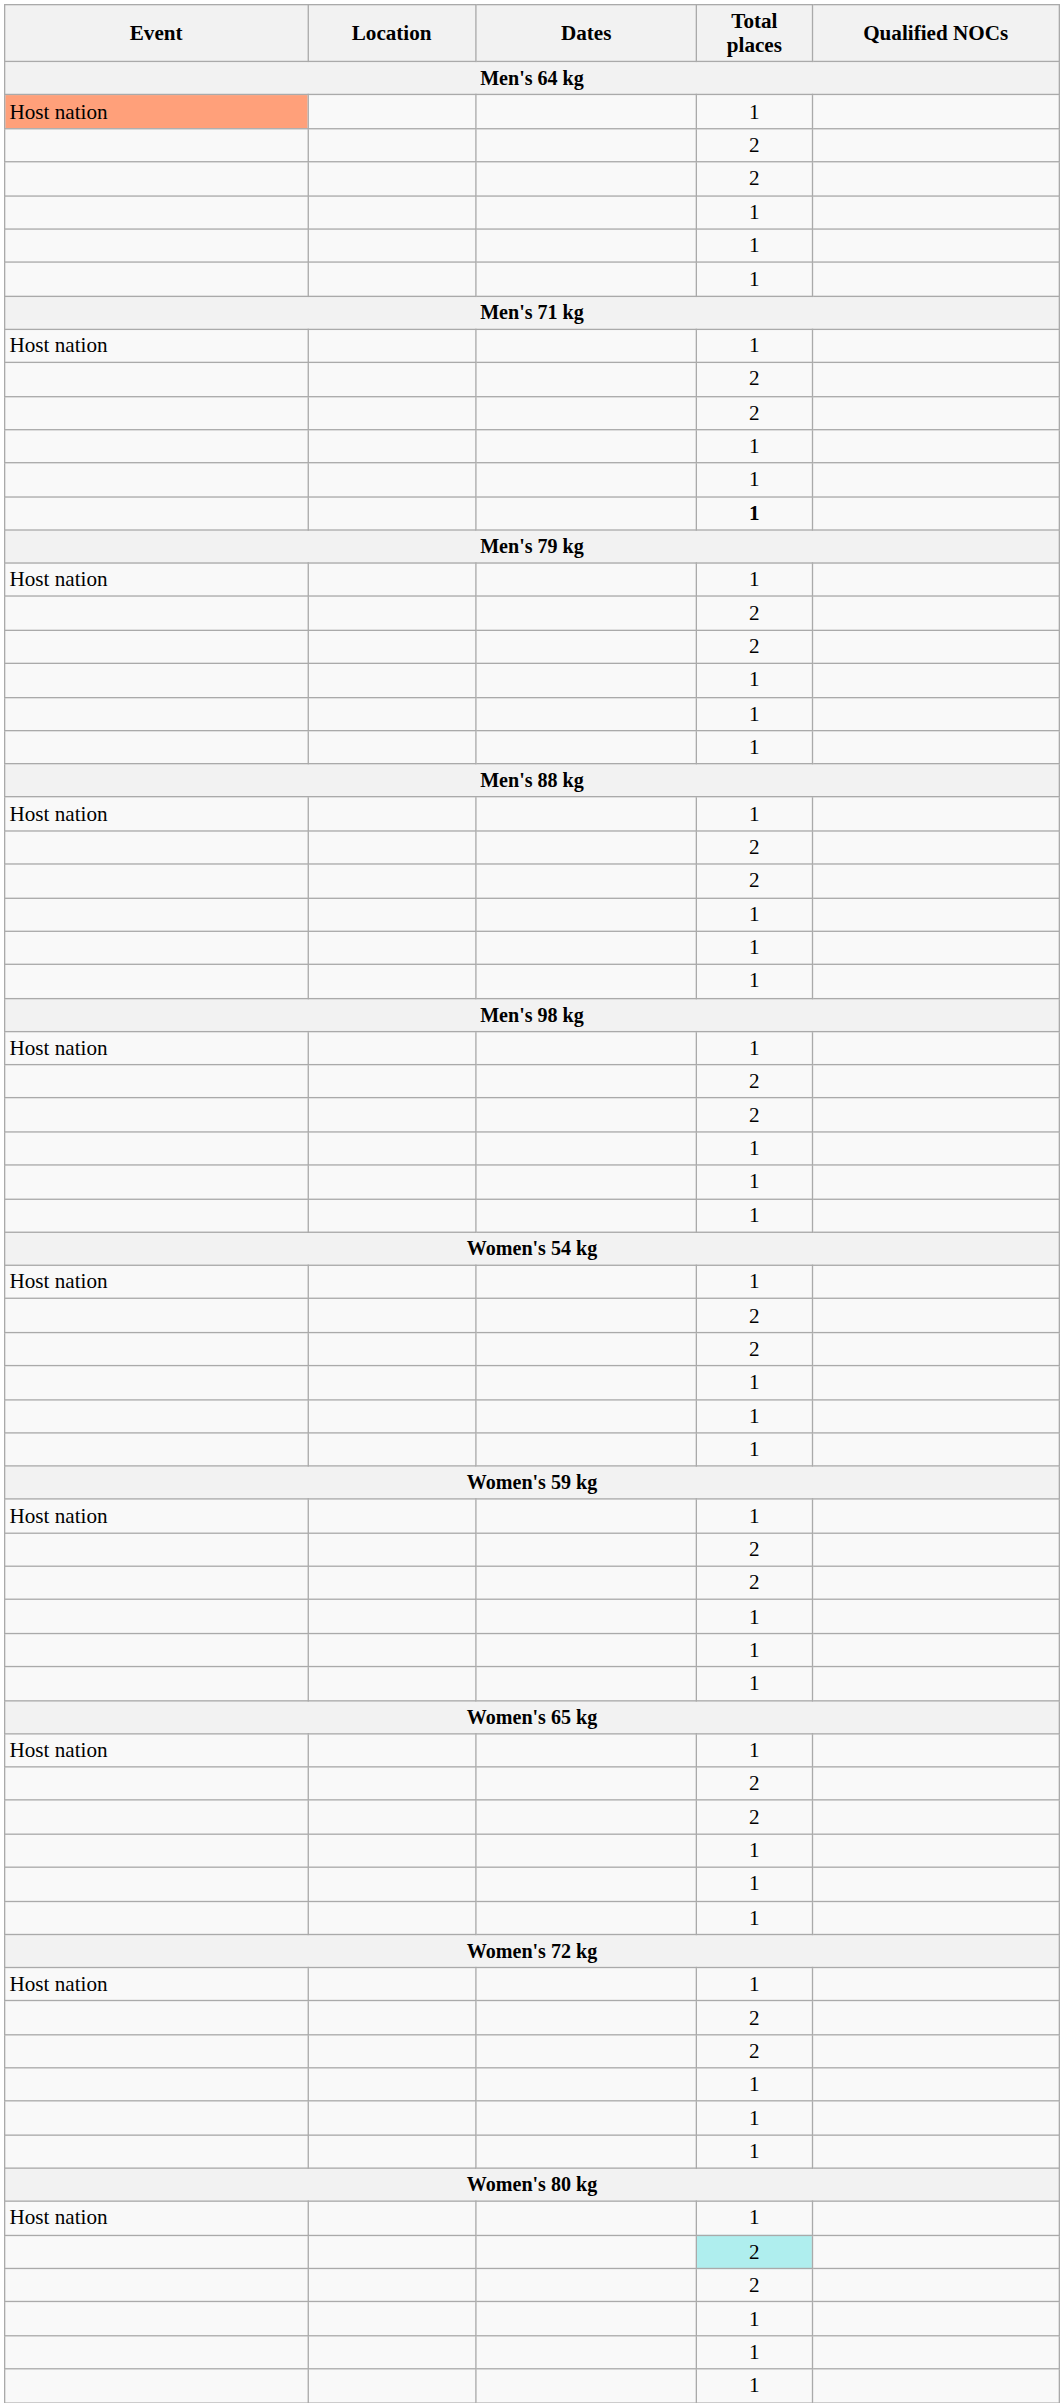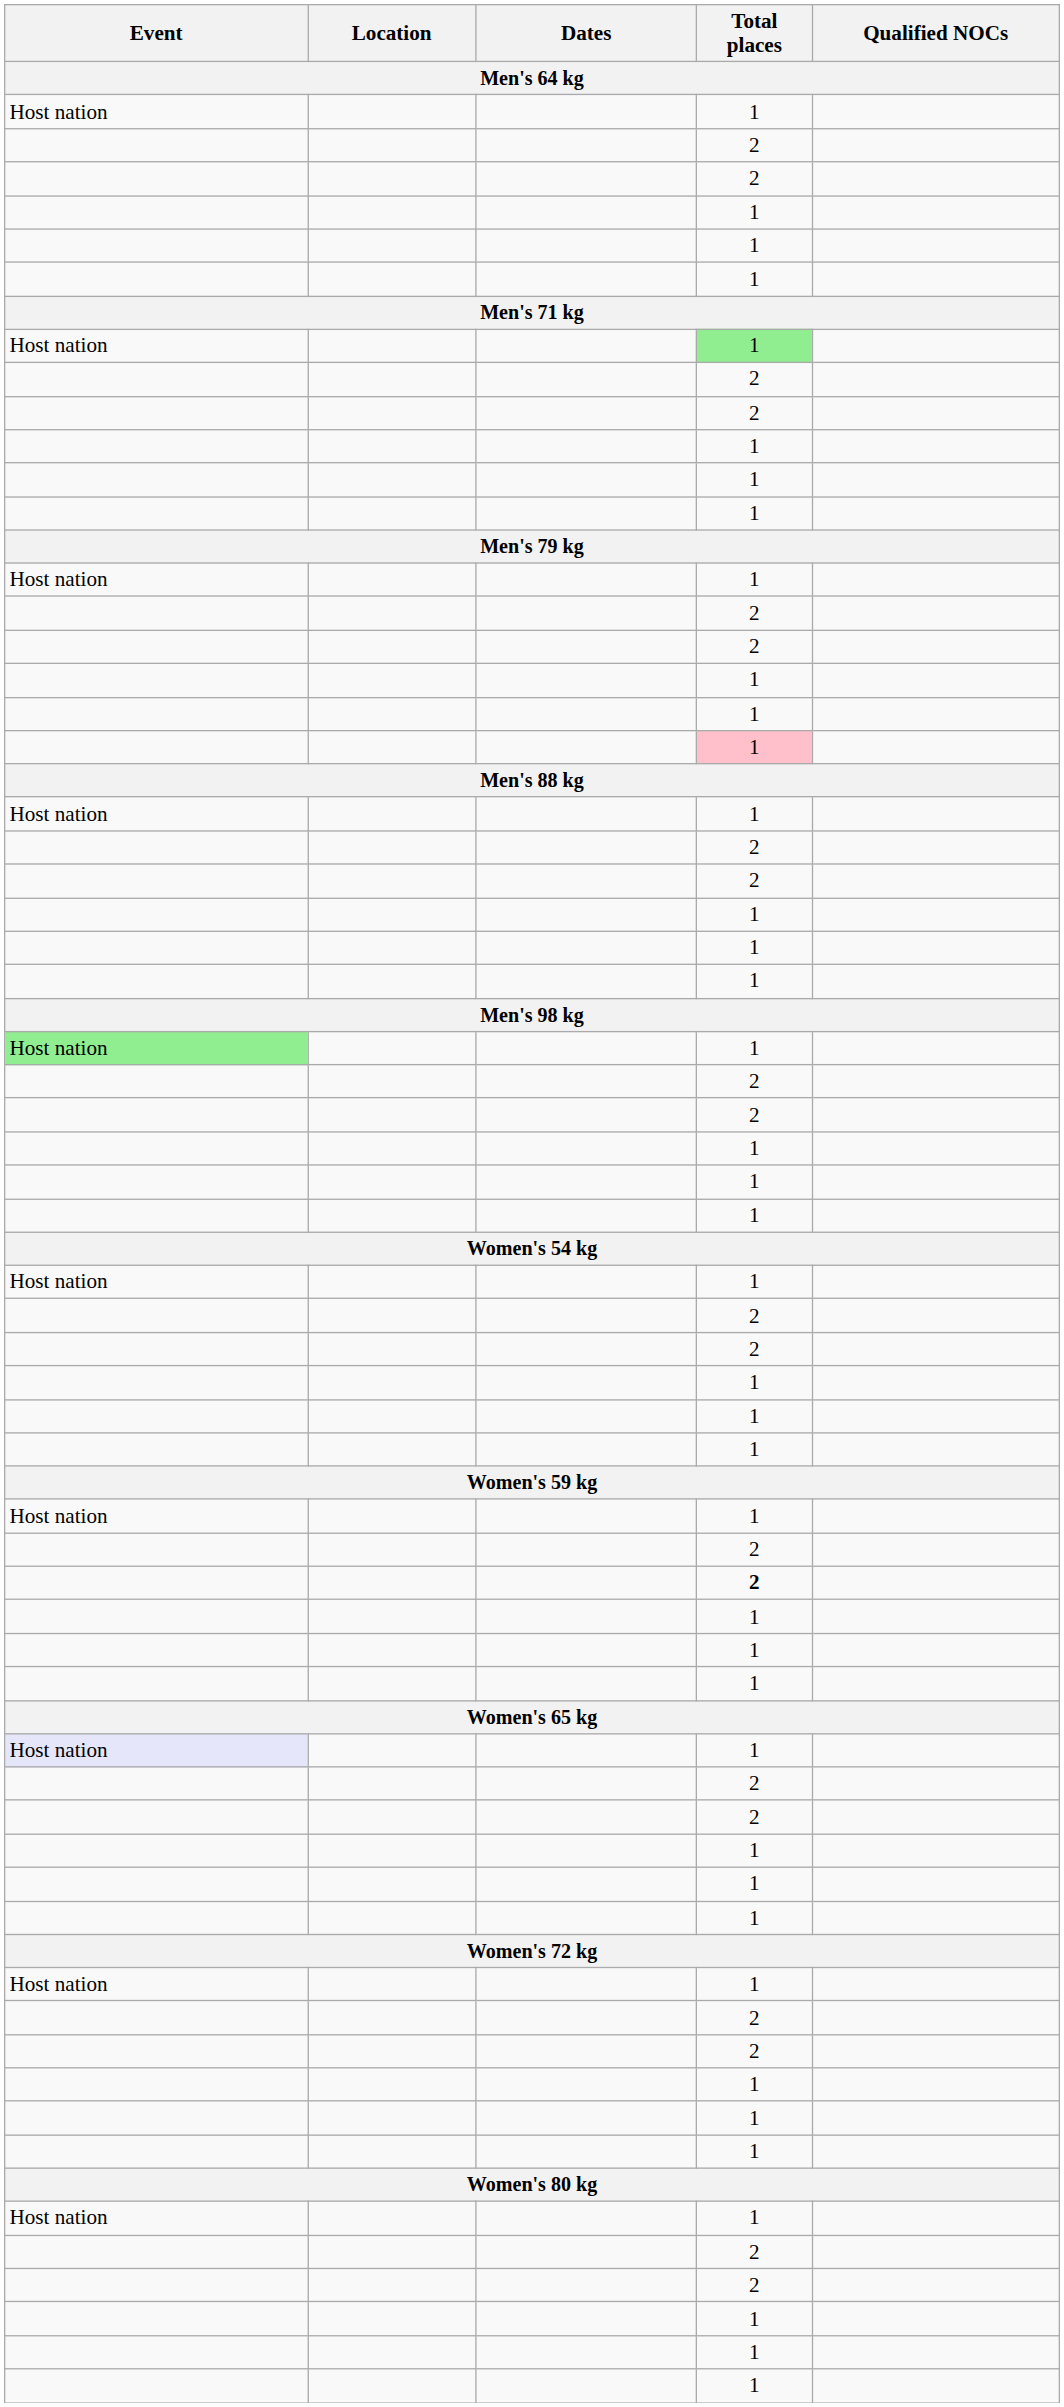 <table class="wikitable" width=800>
 <tr>
 <th>Event</th>
 <th width=120>Location</th>
 <th width=160>Dates</th>
 <th width=80>Total places</th>
 <th width=180>Qualified NOCs</th>
 </tr>
 <tr style="font-size:95%;">
 <th colspan=5>Men's 64 kg</th>
 </tr>
 <tr>
-<td style="background: lightsalmon;">Host nation</td>
+<td>Host nation</td>
 <td></td>
 <td></td>
 <td align="center">1</td>
 <td></td>
 </tr>
 <tr>
 <td></td>
 <td></td>
 <td></td>
 <td align="center">2</td>
 <td><br></td>
 </tr>
 <tr>
 <td></td>
 <td></td>
 <td></td>
 <td align="center">2</td>
 <td><br></td>
 </tr>
 <tr>
 <td></td>
 <td></td>
 <td></td>
 <td align="center">1</td>
 <td></td>
 </tr>
 <tr>
 <td></td>
 <td></td>
 <td></td>
 <td align="center">1</td>
 <td></td>
 </tr>
 <tr>
 <td></td>
 <td></td>
 <td></td>
 <td align="center">1</td>
 <td></td>
 </tr>
 <tr style="font-size:95%;">
 <th colspan=5>Men's 71 kg</th>
 </tr>
 <tr>
 <td>Host nation</td>
 <td></td>
 <td></td>
-<td align="center">1</td>
+<td align="center" style="background: lightgreen;">1</td>
 <td></td>
 </tr>
 <tr>
 <td></td>
 <td></td>
 <td></td>
 <td align="center">2</td>
 <td><br></td>
 </tr>
 <tr>
 <td></td>
 <td></td>
 <td></td>
 <td align="center">2</td>
 <td><br></td>
 </tr>
 <tr>
 <td></td>
 <td></td>
 <td></td>
 <td align="center">1</td>
 <td></td>
 </tr>
 <tr>
 <td></td>
 <td></td>
 <td></td>
 <td align="center">1</td>
 <td></td>
 </tr>
 <tr>
 <td></td>
 <td></td>
 <td></td>
-<td align="center"><strong>1</strong></td>
+<td align="center">1</td>
 <td></td>
 </tr>
 <tr style="font-size:95%;">
 <th colspan=5>Men's 79 kg</th>
 </tr>
 <tr>
 <td>Host nation</td>
 <td></td>
 <td></td>
 <td align="center">1</td>
 <td></td>
 </tr>
 <tr>
 <td></td>
 <td></td>
 <td></td>
 <td align="center">2</td>
 <td><br></td>
 </tr>
 <tr>
 <td></td>
 <td></td>
 <td></td>
 <td align="center">2</td>
 <td><br></td>
 </tr>
 <tr>
 <td></td>
 <td></td>
 <td></td>
 <td align="center">1</td>
 <td></td>
 </tr>
 <tr>
 <td></td>
 <td></td>
 <td></td>
 <td align="center">1</td>
 <td></td>
 </tr>
 <tr>
 <td></td>
 <td></td>
 <td></td>
-<td align="center">1</td>
+<td align="center" style="background: pink;">1</td>
 <td></td>
 </tr>
 <tr style="font-size:95%;">
 <th colspan=5>Men's 88 kg</th>
 </tr>
 <tr>
 <td>Host nation</td>
 <td></td>
 <td></td>
 <td align="center">1</td>
 <td></td>
 </tr>
 <tr>
 <td></td>
 <td></td>
 <td></td>
 <td align="center">2</td>
 <td><br></td>
 </tr>
 <tr>
 <td></td>
 <td></td>
 <td></td>
 <td align="center">2</td>
 <td><br></td>
 </tr>
 <tr>
 <td></td>
 <td></td>
 <td></td>
 <td align="center">1</td>
 <td></td>
 </tr>
 <tr>
 <td></td>
 <td></td>
 <td></td>
 <td align="center">1</td>
 <td></td>
 </tr>
 <tr>
 <td></td>
 <td></td>
 <td></td>
 <td align="center">1</td>
 <td></td>
 </tr>
 <tr style="font-size:95%;">
 <th colspan=5>Men's 98 kg</th>
 </tr>
 <tr>
-<td>Host nation</td>
+<td style="background: lightgreen;">Host nation</td>
 <td></td>
 <td></td>
 <td align="center">1</td>
 <td></td>
 </tr>
 <tr>
 <td></td>
 <td></td>
 <td></td>
 <td align="center">2</td>
 <td><br></td>
 </tr>
 <tr>
 <td></td>
 <td></td>
 <td></td>
 <td align="center">2</td>
 <td><br></td>
 </tr>
 <tr>
 <td></td>
 <td></td>
 <td></td>
 <td align="center">1</td>
 <td></td>
 </tr>
 <tr>
 <td></td>
 <td></td>
 <td></td>
 <td align="center">1</td>
 <td></td>
 </tr>
 <tr>
 <td></td>
 <td></td>
 <td></td>
 <td align="center">1</td>
 <td></td>
 </tr>
 <tr style="font-size:95%;">
 <th colspan=5>Women's 54 kg</th>
 </tr>
 <tr>
 <td>Host nation</td>
 <td></td>
 <td></td>
 <td align="center">1</td>
 <td></td>
 </tr>
 <tr>
 <td></td>
 <td></td>
 <td></td>
 <td align="center">2</td>
 <td><br></td>
 </tr>
 <tr>
 <td></td>
 <td></td>
 <td></td>
 <td align="center">2</td>
 <td><br></td>
 </tr>
 <tr>
 <td></td>
 <td></td>
 <td></td>
 <td align="center">1</td>
 <td></td>
 </tr>
 <tr>
 <td></td>
 <td></td>
 <td></td>
 <td align="center">1</td>
 <td></td>
 </tr>
 <tr>
 <td></td>
 <td></td>
 <td></td>
 <td align="center">1</td>
 <td></td>
 </tr>
 <tr style="font-size:95%;">
 <th colspan=5>Women's 59 kg</th>
 </tr>
 <tr>
 <td>Host nation</td>
 <td></td>
 <td></td>
 <td align="center">1</td>
 <td></td>
 </tr>
 <tr>
 <td></td>
 <td></td>
 <td></td>
 <td align="center">2</td>
 <td><br></td>
 </tr>
 <tr>
 <td></td>
 <td></td>
 <td></td>
-<td align="center">2</td>
+<td align="center"><strong>2</strong></td>
 <td><br></td>
 </tr>
 <tr>
 <td></td>
 <td></td>
 <td></td>
 <td align="center">1</td>
 <td></td>
 </tr>
 <tr>
 <td></td>
 <td></td>
 <td></td>
 <td align="center">1</td>
 <td></td>
 </tr>
 <tr>
 <td></td>
 <td></td>
 <td></td>
 <td align="center">1</td>
 <td></td>
 </tr>
 <tr style="font-size:95%;">
 <th colspan=5>Women's 65 kg</th>
 </tr>
 <tr>
-<td>Host nation</td>
+<td style="background: lavender;">Host nation</td>
 <td></td>
 <td></td>
 <td align="center">1</td>
 <td></td>
 </tr>
 <tr>
 <td></td>
 <td></td>
 <td></td>
 <td align="center">2</td>
 <td><br></td>
 </tr>
 <tr>
 <td></td>
 <td></td>
 <td></td>
 <td align="center">2</td>
 <td><br></td>
 </tr>
 <tr>
 <td></td>
 <td></td>
 <td></td>
 <td align="center">1</td>
 <td></td>
 </tr>
 <tr>
 <td></td>
 <td></td>
 <td></td>
 <td align="center">1</td>
 <td></td>
 </tr>
 <tr>
 <td></td>
 <td></td>
 <td></td>
 <td align="center">1</td>
 <td></td>
 </tr>
 <tr style="font-size:95%;">
 <th colspan=5>Women's 72 kg</th>
 </tr>
 <tr>
 <td>Host nation</td>
 <td></td>
 <td></td>
 <td align="center">1</td>
 <td></td>
 </tr>
 <tr>
 <td></td>
 <td></td>
 <td></td>
 <td align="center">2</td>
 <td><br></td>
 </tr>
 <tr>
 <td></td>
 <td></td>
 <td></td>
 <td align="center">2</td>
 <td><br></td>
 </tr>
 <tr>
 <td></td>
 <td></td>
 <td></td>
 <td align="center">1</td>
 <td></td>
 </tr>
 <tr>
 <td></td>
 <td></td>
 <td></td>
 <td align="center">1</td>
 <td></td>
 </tr>
 <tr>
 <td></td>
 <td></td>
 <td></td>
 <td align="center">1</td>
 <td></td>
 </tr>
 <tr style="font-size:95%;">
 <th colspan=5>Women's 80 kg</th>
 </tr>
 <tr>
 <td>Host nation</td>
 <td></td>
 <td></td>
 <td align="center">1</td>
 <td></td>
 </tr>
 <tr>
 <td></td>
 <td></td>
 <td></td>
-<td align="center" style="background: paleturquoise;">2</td>
+<td align="center">2</td>
 <td><br></td>
 </tr>
 <tr>
 <td></td>
 <td></td>
 <td></td>
 <td align="center">2</td>
 <td><br></td>
 </tr>
 <tr>
 <td></td>
 <td></td>
 <td></td>
 <td align="center">1</td>
 <td></td>
 </tr>
 <tr>
 <td></td>
 <td></td>
 <td></td>
 <td align="center">1</td>
 <td></td>
 </tr>
 <tr>
 <td></td>
 <td></td>
 <td></td>
 <td align="center">1</td>
 <td></td>
 </tr>
 </table>
